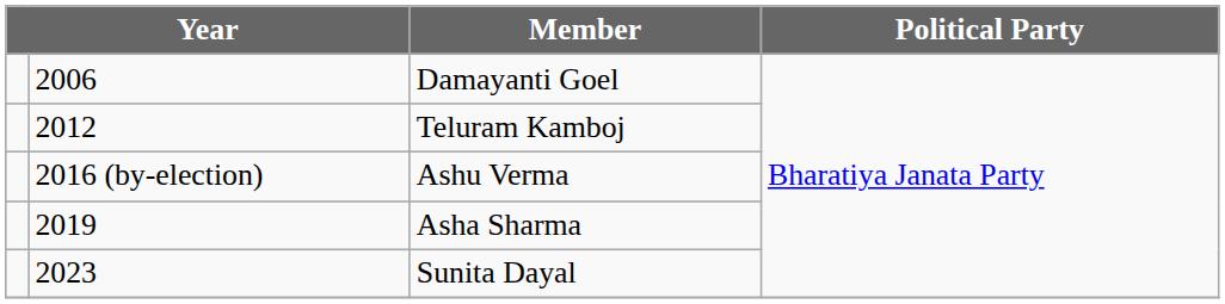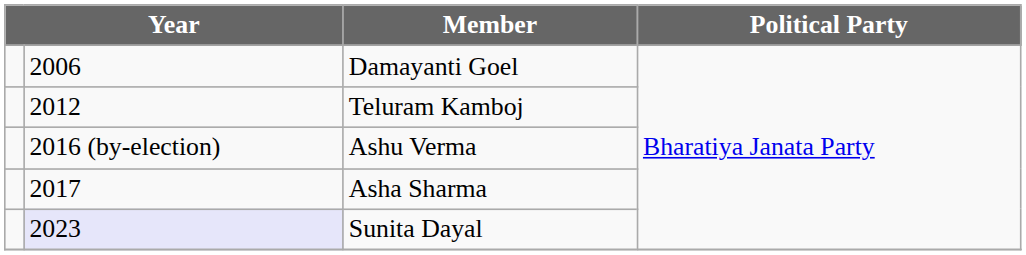 <table class="wikitable" width=50%>
 <tr>
 <th style="background-color:#666666; color:white" colspan="2">Year</th>
 <th style="background-color:#666666; color:white">Member</th>
 <th style="background-color:#666666; color:white">Political Party</th>
 </tr>
 <tr>
 <td style="background-color: "></td>
 <td>2006</td>
 <td>Damayanti Goel</td>
 <td rowspan=5><a href='#'>Bharatiya Janata Party</a></td>
 </tr>
 <tr>
 <td style="background-color: "></td>
 <td>2012</td>
 <td>Teluram Kamboj</td>
 </tr>
 <tr>
 <td style="background-color: "></td>
 <td>2016 (by-election)</td>
 <td>Ashu Verma</td>
 </tr>
 <tr>
 <td style="background-color: "></td>
-<td>2019</td>
+<td>2017</td>
 <td>Asha Sharma</td>
 </tr>
 <tr>
 <td style="background-color: "></td>
-<td>2023</td>
+<td style="background: lavender;">2023</td>
 <td>Sunita Dayal</td>
 </tr>
 <tr>
 </tr>
 </table>
